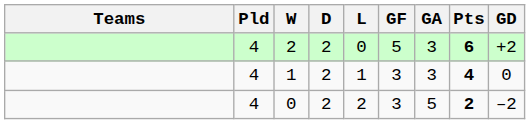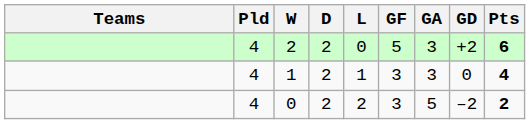 <table class="wikitable" style="text-align: center;">
 <tr>
 <th width=165>Teams</th>
 <th width=20>Pld</th>
 <th width=20>W</th>
 <th width=20>D</th>
 <th width=20>L</th>
 <th width=20>GF</th>
 <th width=20>GA</th>
+<th width=20>GD</th>
 <th width=20>Pts</th>
-<th width=20>GD</th>
 </tr>
 <tr align=center style="background:#ccffcc;">
 <td style="text-align:left;"></td>
 <td>4</td>
 <td>2</td>
 <td>2</td>
 <td>0</td>
 <td>5</td>
 <td>3</td>
+<td>+2</td>
 <td><strong>6</strong></td>
-<td>+2</td>
 </tr>
 <tr align=center>
 <td style="text-align:left;"></td>
 <td>4</td>
 <td>1</td>
 <td>2</td>
 <td>1</td>
 <td>3</td>
 <td>3</td>
+<td>0</td>
 <td><strong>4</strong></td>
-<td>0</td>
 </tr>
 <tr align=center>
 <td style="text-align:left;"></td>
 <td>4</td>
 <td>0</td>
 <td>2</td>
 <td>2</td>
 <td>3</td>
 <td>5</td>
+<td>–2</td>
 <td><strong>2</strong></td>
-<td>–2</td>
 </tr>
 </table>
